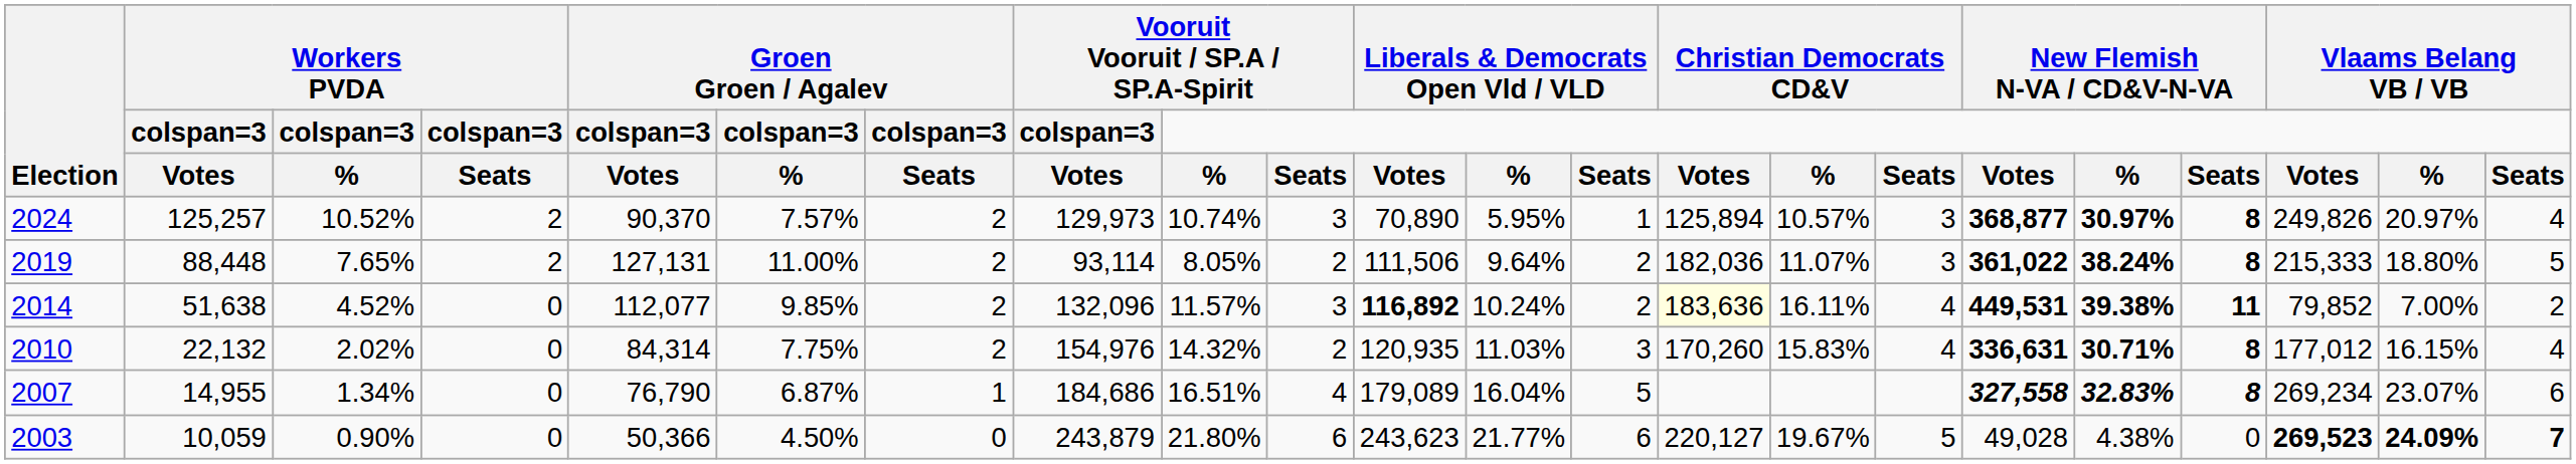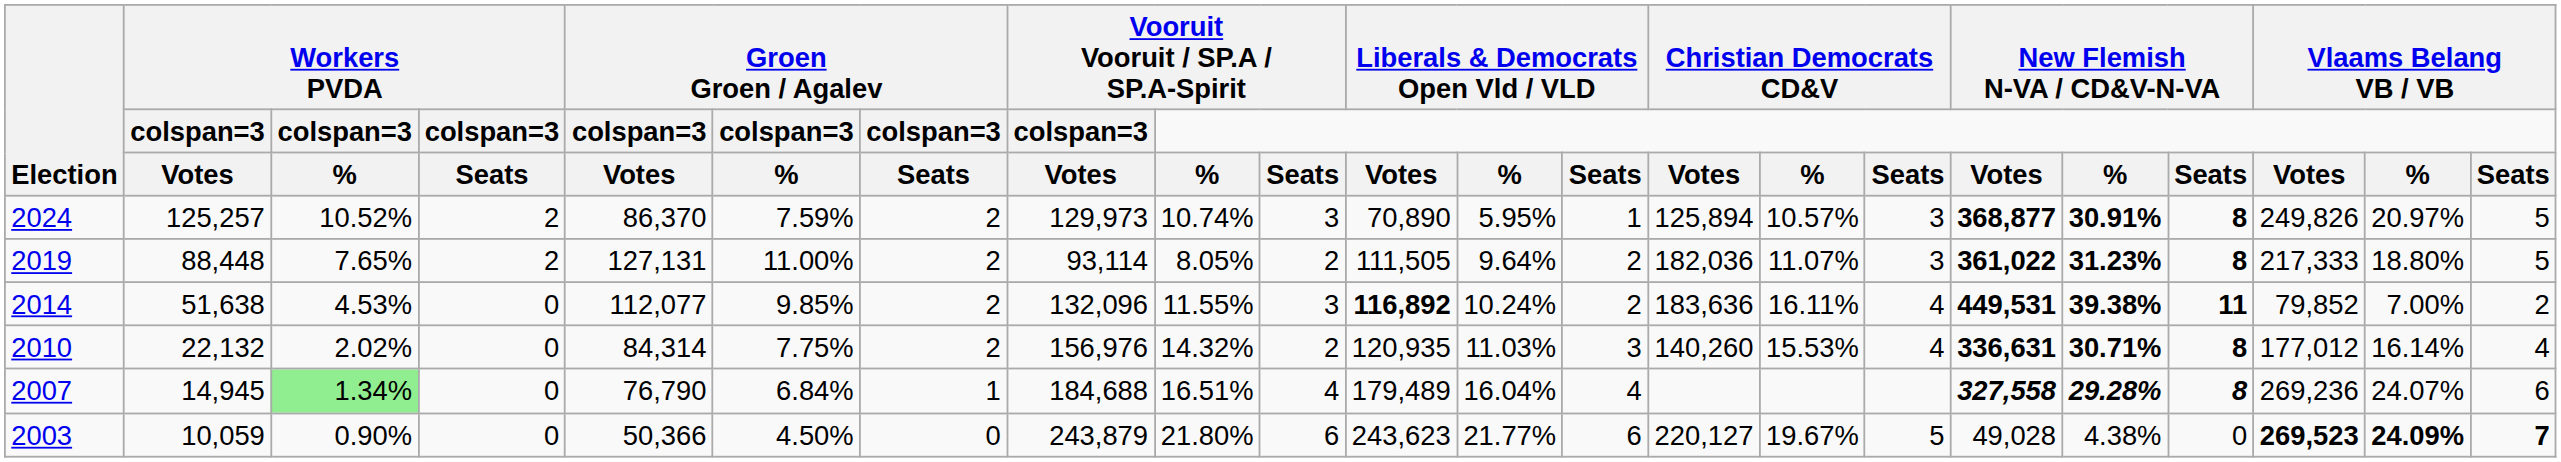 <table class="wikitable" border="1" style="font-size:95%; text-align:right;">
 <tr>
 <th style="text-align:left;" valign=bottom rowspan=3>Election</th>
 <th valign=bottom colspan=3><a href='#'>Workers</a><br>PVDA</th>
 <th valign=bottom colspan=3><a href='#'>Groen</a><br>Groen / Agalev</th>
 <th valign=bottom colspan=3><a href='#'>Vooruit</a><br>Vooruit / SP.A /<br>SP.A-Spirit</th>
 <th valign=bottom colspan=3><a href='#'>Liberals & Democrats</a><br>Open Vld / VLD</th>
 <th valign=bottom colspan=3><a href='#'>Christian Democrats</a><br>CD&V</th>
 <th valign=bottom colspan=3><a href='#'>New Flemish</a><br>N-VA / CD&V-N-VA</th>
 <th valign=bottom colspan=3><a href='#'>Vlaams Belang</a><br>VB / VB</th>
 </tr>
 <tr>
 <th>colspan=3 </th>
 <th>colspan=3 </th>
 <th>colspan=3 </th>
 <th>colspan=3 </th>
 <th>colspan=3 </th>
 <th>colspan=3 </th>
 <th>colspan=3 </th>
 </tr>
 <tr>
 <th>Votes</th>
 <th>%</th>
 <th>Seats</th>
 <th>Votes</th>
 <th>%</th>
 <th>Seats</th>
 <th>Votes</th>
 <th>%</th>
 <th>Seats</th>
 <th>Votes</th>
 <th>%</th>
 <th>Seats</th>
 <th>Votes</th>
 <th>%</th>
 <th>Seats</th>
 <th>Votes</th>
 <th>%</th>
 <th>Seats</th>
 <th>Votes</th>
 <th>%</th>
 <th>Seats</th>
 </tr>
 <tr>
 <td align=left><a href='#'>2024</a></td>
 <td>125,257</td>
 <td>10.52%</td>
 <td>2</td>
-<td>90,370</td>
-<td>7.57%</td>
+<td>86,370</td>
+<td>7.59%</td>
 <td>2</td>
 <td>129,973</td>
 <td>10.74%</td>
 <td>3</td>
 <td>70,890</td>
 <td>5.95%</td>
 <td>1</td>
 <td>125,894</td>
 <td>10.57%</td>
 <td>3</td>
 <td><strong>368,877</strong></td>
-<td><strong>30.97%</strong></td>
+<td><strong>30.91%</strong></td>
 <td><strong>8</strong></td>
 <td>249,826</td>
 <td>20.97%</td>
-<td>4</td>
+<td>5</td>
 </tr>
 <tr>
 <td align=left><a href='#'>2019</a></td>
 <td>88,448</td>
 <td>7.65%</td>
 <td>2</td>
 <td>127,131</td>
 <td>11.00%</td>
 <td>2</td>
 <td>93,114</td>
 <td>8.05%</td>
 <td>2</td>
-<td>111,506</td>
+<td>111,505</td>
 <td>9.64%</td>
 <td>2</td>
 <td>182,036</td>
 <td>11.07%</td>
 <td>3</td>
 <td><strong>361,022</strong></td>
-<td><strong>38.24%</strong></td>
+<td><strong>31.23%</strong></td>
 <td><strong>8</strong></td>
-<td>215,333</td>
+<td>217,333</td>
 <td>18.80%</td>
 <td>5</td>
 </tr>
 <tr>
 <td align=left><a href='#'>2014</a></td>
 <td>51,638</td>
-<td>4.52%</td>
+<td>4.53%</td>
 <td>0</td>
 <td>112,077</td>
 <td>9.85%</td>
 <td>2</td>
 <td>132,096</td>
-<td>11.57%</td>
+<td>11.55%</td>
 <td>3</td>
 <td><strong>116,892</strong></td>
 <td>10.24%</td>
 <td>2</td>
-<td style="background: lightyellow;">183,636</td>
+<td>183,636</td>
 <td>16.11%</td>
 <td>4</td>
 <td><strong>449,531</strong></td>
 <td><strong>39.38%</strong></td>
 <td><strong>11</strong></td>
 <td>79,852</td>
 <td>7.00%</td>
 <td>2</td>
 </tr>
 <tr>
 <td align=left><a href='#'>2010</a></td>
 <td>22,132</td>
 <td>2.02%</td>
 <td>0</td>
 <td>84,314</td>
 <td>7.75%</td>
 <td>2</td>
-<td>154,976</td>
+<td>156,976</td>
 <td>14.32%</td>
 <td>2</td>
 <td>120,935</td>
 <td>11.03%</td>
 <td>3</td>
-<td>170,260</td>
-<td>15.83%</td>
+<td>140,260</td>
+<td>15.53%</td>
 <td>4</td>
 <td><strong>336,631</strong></td>
 <td><strong>30.71%</strong></td>
 <td><strong>8</strong></td>
 <td>177,012</td>
-<td>16.15%</td>
+<td>16.14%</td>
 <td>4</td>
 </tr>
 <tr>
 <td align=left><a href='#'>2007</a></td>
-<td>14,955</td>
-<td>1.34%</td>
+<td>14,945</td>
+<td style="background: lightgreen;">1.34%</td>
 <td>0</td>
 <td>76,790</td>
-<td>6.87%</td>
+<td>6.84%</td>
 <td>1</td>
-<td>184,686</td>
+<td>184,688</td>
 <td>16.51%</td>
 <td>4</td>
-<td>179,089</td>
+<td>179,489</td>
 <td>16.04%</td>
-<td>5</td>
+<td>4</td>
 <td></td>
 <td></td>
 <td></td>
 <td><strong><em>327,558</em></strong></td>
-<td><strong><em>32.83%</em></strong></td>
+<td><strong><em>29.28%</em></strong></td>
 <td><strong><em>8</em></strong></td>
-<td>269,234</td>
-<td>23.07%</td>
+<td>269,236</td>
+<td>24.07%</td>
 <td>6</td>
 </tr>
 <tr>
 <td align=left><a href='#'>2003</a></td>
 <td>10,059</td>
 <td>0.90%</td>
 <td>0</td>
 <td>50,366</td>
 <td>4.50%</td>
 <td>0</td>
 <td>243,879</td>
 <td>21.80%</td>
 <td>6</td>
 <td>243,623</td>
 <td>21.77%</td>
 <td>6</td>
 <td>220,127</td>
 <td>19.67%</td>
 <td>5</td>
 <td>49,028</td>
 <td>4.38%</td>
 <td>0</td>
 <td><strong>269,523</strong></td>
 <td><strong>24.09%</strong></td>
 <td><strong>7</strong></td>
 </tr>
 </table>
